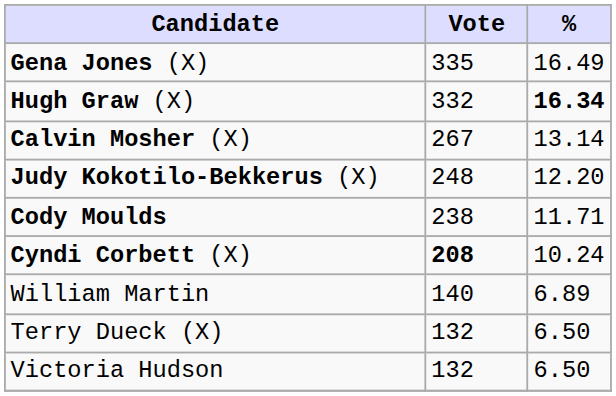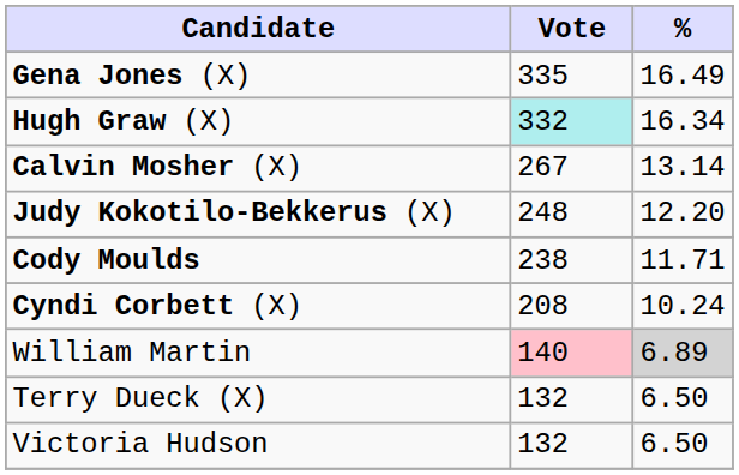 <table class="wikitable">
 <tr>
 <th style="background:#ddf; width:225px;">Candidate</th>
 <th style="background:#ddf; width:50px;">Vote</th>
 <th style="background:#ddf; width:30px;">%</th>
 </tr>
 <tr>
 <td><strong>Gena Jones</strong> (X)</td>
 <td>335</td>
 <td>16.49</td>
 </tr>
 <tr>
 <td><strong>Hugh Graw</strong> (X)</td>
-<td>332</td>
-<td><strong>16.34</strong></td>
+<td style="background: paleturquoise;">332</td>
+<td>16.34</td>
 </tr>
 <tr>
 <td><strong>Calvin Mosher</strong> (X)</td>
 <td>267</td>
 <td>13.14</td>
 </tr>
 <tr>
 <td><strong>Judy Kokotilo-Bekkerus</strong> (X)</td>
 <td>248</td>
 <td>12.20</td>
 </tr>
 <tr>
 <td><strong>Cody Moulds</strong></td>
 <td>238</td>
 <td>11.71</td>
 </tr>
 <tr>
 <td><strong>Cyndi Corbett</strong> (X)</td>
-<td><strong>208</strong></td>
+<td>208</td>
 <td>10.24</td>
 </tr>
 <tr>
 <td>William Martin</td>
-<td>140</td>
-<td>6.89</td>
+<td style="background: pink;">140</td>
+<td style="background: lightgrey;">6.89</td>
 </tr>
 <tr>
 <td>Terry Dueck (X)</td>
 <td>132</td>
 <td>6.50</td>
 </tr>
 <tr>
 <td>Victoria Hudson</td>
 <td>132</td>
 <td>6.50</td>
 </tr>
 <tr>
 </tr>
 </table>
